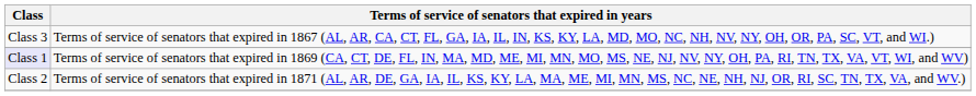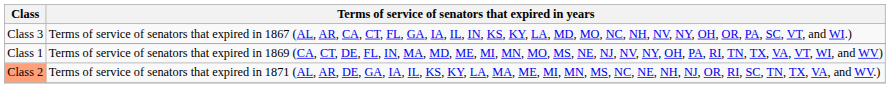 <table class="wikitable sortable">
 <tr valign=bottom>
 <th>Class</th>
 <th>Terms of service of senators that expired in years</th>
 </tr>
 <tr>
 <td>Class 3</td>
 <td>Terms of service of senators that expired in 1867 (<a href='#'>AL</a>, <a href='#'>AR</a>, <a href='#'>CA</a>, <a href='#'>CT</a>, <a href='#'>FL</a>, <a href='#'>GA</a>, <a href='#'>IA</a>, <a href='#'>IL</a>, <a href='#'>IN</a>, <a href='#'>KS</a>, <a href='#'>KY</a>, <a href='#'>LA</a>, <a href='#'>MD</a>, <a href='#'>MO</a>, <a href='#'>NC</a>, <a href='#'>NH</a>, <a href='#'>NV</a>, <a href='#'>NY</a>, <a href='#'>OH</a>, <a href='#'>OR</a>, <a href='#'>PA</a>, <a href='#'>SC</a>, <a href='#'>VT</a>, and <a href='#'>WI</a>.)</td>
 </tr>
 <tr>
 </tr>
 <tr>
-<td style="background: lavender;">Class 1</td>
+<td>Class 1</td>
 <td>Terms of service of senators that expired in 1869 (<a href='#'>CA</a>, <a href='#'>CT</a>, <a href='#'>DE</a>, <a href='#'>FL</a>, <a href='#'>IN</a>, <a href='#'>MA</a>, <a href='#'>MD</a>, <a href='#'>ME</a>,  <a href='#'>MI</a>, <a href='#'>MN</a>, <a href='#'>MO</a>, <a href='#'>MS</a>, <a href='#'>NE</a>, <a href='#'>NJ</a>,  <a href='#'>NV</a>, <a href='#'>NY</a>, <a href='#'>OH</a>, <a href='#'>PA</a>, <a href='#'>RI</a>, <a href='#'>TN</a>, <a href='#'>TX</a>, <a href='#'>VA</a>, <a href='#'>VT</a>, <a href='#'>WI</a>, and <a href='#'>WV</a>)</td>
 </tr>
 <tr>
-<td>Class 2</td>
+<td style="background: lightsalmon;">Class 2</td>
 <td>Terms of service of senators that expired in 1871 (<a href='#'>AL</a>, <a href='#'>AR</a>, <a href='#'>DE</a>, <a href='#'>GA</a>, <a href='#'>IA</a>, <a href='#'>IL</a>, <a href='#'>KS</a>, <a href='#'>KY</a>, <a href='#'>LA</a>, <a href='#'>MA</a>, <a href='#'>ME</a>, <a href='#'>MI</a>, <a href='#'>MN</a>, <a href='#'>MS</a>, <a href='#'>NC</a>, <a href='#'>NE</a>, <a href='#'>NH</a>, <a href='#'>NJ</a>, <a href='#'>OR</a>, <a href='#'>RI</a>, <a href='#'>SC</a>, <a href='#'>TN</a>, <a href='#'>TX</a>, <a href='#'>VA</a>, and <a href='#'>WV</a>.)</td>
 </tr>
 <tr>
 </tr>
 </table>
